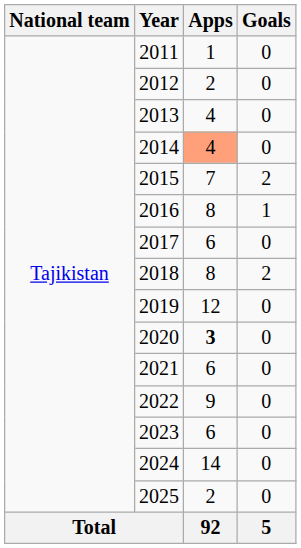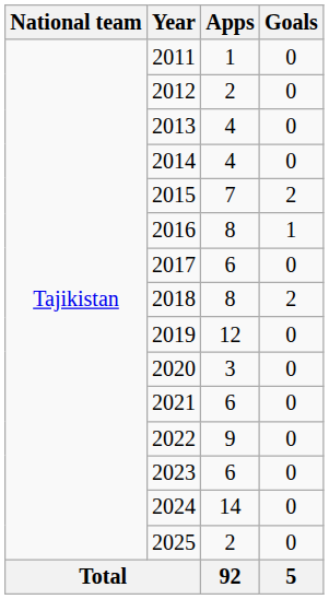 <table class="wikitable" style="text-align:center">
 <tr>
 <th>National team</th>
 <th>Year</th>
 <th>Apps</th>
 <th>Goals</th>
 </tr>
 <tr>
 <td rowspan="15"><a href='#'>Tajikistan</a></td>
 <td>2011</td>
 <td>1</td>
 <td>0</td>
 </tr>
 <tr>
 <td>2012</td>
 <td>2</td>
 <td>0</td>
 </tr>
 <tr>
 <td>2013</td>
 <td>4</td>
 <td>0</td>
 </tr>
 <tr>
 <td>2014</td>
-<td style="background: lightsalmon;">4</td>
+<td>4</td>
 <td>0</td>
 </tr>
 <tr>
 <td>2015</td>
 <td>7</td>
 <td>2</td>
 </tr>
 <tr>
 <td>2016</td>
 <td>8</td>
 <td>1</td>
 </tr>
 <tr>
 <td>2017</td>
 <td>6</td>
 <td>0</td>
 </tr>
 <tr>
 <td>2018</td>
 <td>8</td>
 <td>2</td>
 </tr>
 <tr>
 <td>2019</td>
 <td>12</td>
 <td>0</td>
 </tr>
 <tr>
 <td>2020</td>
-<td><strong>3</strong></td>
+<td>3</td>
 <td>0</td>
 </tr>
 <tr>
 <td>2021</td>
 <td>6</td>
 <td>0</td>
 </tr>
 <tr>
 <td>2022</td>
 <td>9</td>
 <td>0</td>
 </tr>
 <tr>
 <td>2023</td>
 <td>6</td>
 <td>0</td>
 </tr>
 <tr>
 <td>2024</td>
 <td>14</td>
 <td>0</td>
 </tr>
 <tr>
 <td>2025</td>
 <td>2</td>
 <td>0</td>
 </tr>
 <tr>
 <th colspan="2">Total</th>
 <th>92</th>
 <th>5</th>
 </tr>
 </table>
